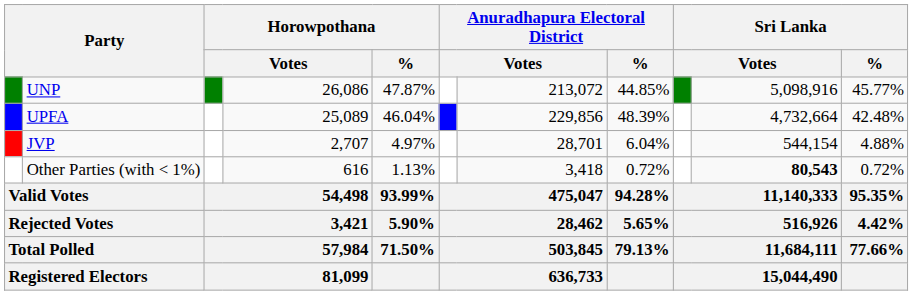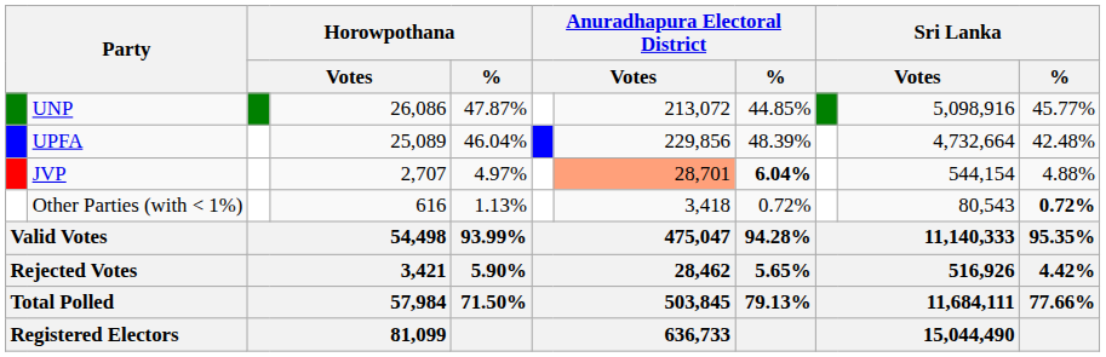 <table class="wikitable">
 <tr>
 <th colspan="2" width="144px"rowspan="2">Party</th>
 <th colspan="3" width="216px">Horowpothana</th>
 <th colspan="3" width="216px"><a href='#'>Anuradhapura Electoral District</a></th>
 <th colspan="3" width="216px">Sri Lanka</th>
 </tr>
 <tr>
 <th colspan="2" width="144px">Votes</th>
 <th>%</th>
 <th colspan="2" width="144px">Votes</th>
 <th>%</th>
 <th colspan="2" width="144px">Votes</th>
 <th>%</th>
 </tr>
 <tr>
 <td style="background-color:green;" width="10px"></td>
 <td style="text-align:left;"><a href='#'>UNP</a></td>
 <td style="background-color:green;" width="10px"></td>
 <td style="text-align:right;">26,086</td>
 <td style="text-align:right;">47.87%</td>
 <td style="background-color:white;" width="10px"></td>
 <td style="text-align:right;">213,072</td>
 <td style="text-align:right;">44.85%</td>
 <td style="background-color:green;" width="10px"></td>
 <td style="text-align:right;">5,098,916</td>
 <td style="text-align:right;">45.77%</td>
 </tr>
 <tr>
 <td style="background-color:blue;" width="10px"></td>
 <td style="text-align:left;"><a href='#'>UPFA</a></td>
 <td style="background-color:white;" width="10px"></td>
 <td style="text-align:right;">25,089</td>
 <td style="text-align:right;">46.04%</td>
 <td style="background-color:blue;" width="10px"></td>
 <td style="text-align:right;">229,856</td>
 <td style="text-align:right;">48.39%</td>
 <td style="background-color:white;" width="10px"></td>
 <td style="text-align:right;">4,732,664</td>
 <td style="text-align:right;">42.48%</td>
 </tr>
 <tr>
 <td style="background-color:red;" width="10px"></td>
 <td style="text-align:left;"><a href='#'>JVP</a></td>
 <td style="background-color:white;" width="10px"></td>
 <td style="text-align:right;">2,707</td>
 <td style="text-align:right;">4.97%</td>
 <td style="background-color:white;" width="10px"></td>
-<td style="text-align:right;">28,701</td>
-<td style="text-align:right;">6.04%</td>
+<td style="background: lightsalmon; text-align:right;">28,701</td>
+<td style="text-align:right;"><strong>6.04%</strong></td>
 <td style="background-color:white;" width="10px"></td>
 <td style="text-align:right;">544,154</td>
 <td style="text-align:right;">4.88%</td>
 </tr>
 <tr>
 <td style="background-color:white;" width="10px"></td>
 <td style="text-align:left;">Other Parties (with < 1%)</td>
 <td style="background-color:white;" width="10px"></td>
 <td style="text-align:right;">616</td>
 <td style="text-align:right;">1.13%</td>
 <td style="background-color:white;" width="10px"></td>
 <td style="text-align:right;">3,418</td>
 <td style="text-align:right;">0.72%</td>
 <td style="background-color:white;" width="10px"></td>
-<td style="text-align:right;"><strong>80,543</strong></td>
-<td style="text-align:right;">0.72%</td>
+<td style="text-align:right;">80,543</td>
+<td style="text-align:right;"><strong>0.72%</strong></td>
 </tr>
 <tr>
 <th colspan="2" width="144px"style="text-align:left;">Valid Votes</th>
 <th style="text-align:right;"colspan="2" width="144px">54,498</th>
 <th style="text-align:right;">93.99%</th>
 <th style="text-align:right;"colspan="2" width="144px">475,047</th>
 <th style="text-align:right;">94.28%</th>
 <th style="text-align:right;"colspan="2" width="144px">11,140,333</th>
 <th style="text-align:right;">95.35%</th>
 </tr>
 <tr>
 <th colspan="2" width="144px"style="text-align:left;">Rejected Votes</th>
 <th style="text-align:right;"colspan="2" width="144px">3,421</th>
 <th style="text-align:right;">5.90%</th>
 <th style="text-align:right;"colspan="2" width="144px">28,462</th>
 <th style="text-align:right;">5.65%</th>
 <th style="text-align:right;"colspan="2" width="144px">516,926</th>
 <th style="text-align:right;">4.42%</th>
 </tr>
 <tr>
 <th colspan="2" width="144px"style="text-align:left;">Total Polled</th>
 <th style="text-align:right;"colspan="2" width="144px">57,984</th>
 <th style="text-align:right;">71.50%</th>
 <th style="text-align:right;"colspan="2" width="144px">503,845</th>
 <th style="text-align:right;">79.13%</th>
 <th style="text-align:right;"colspan="2" width="144px">11,684,111</th>
 <th style="text-align:right;">77.66%</th>
 </tr>
 <tr>
 <th colspan="2" width="144px"style="text-align:left;">Registered Electors</th>
 <th style="text-align:right;"colspan="2" width="144px">81,099</th>
 <th></th>
 <th style="text-align:right;"colspan="2" width="144px">636,733</th>
 <th></th>
 <th style="text-align:right;"colspan="2" width="144px">15,044,490</th>
 <th></th>
 </tr>
 </table>
